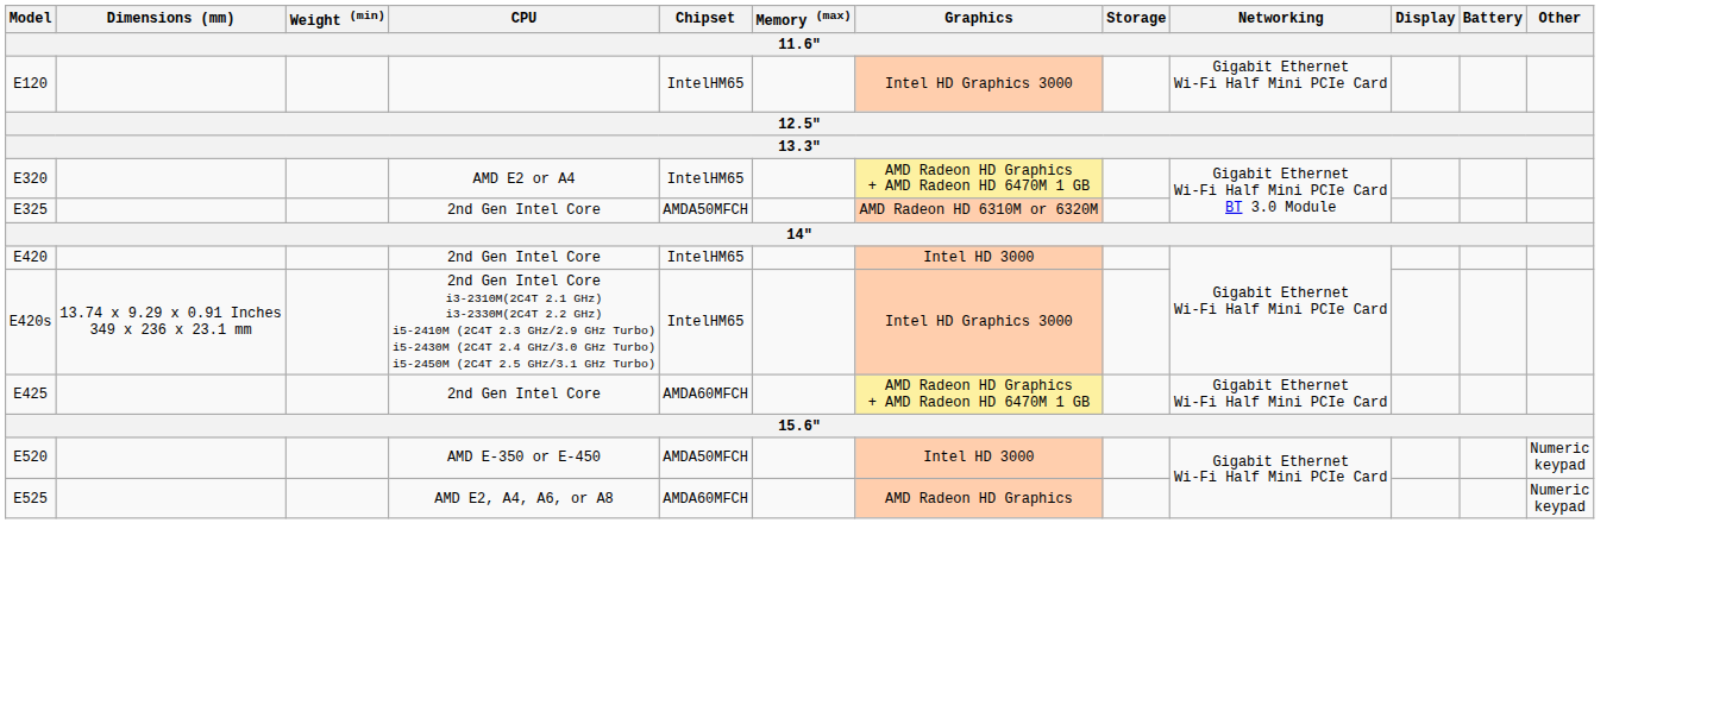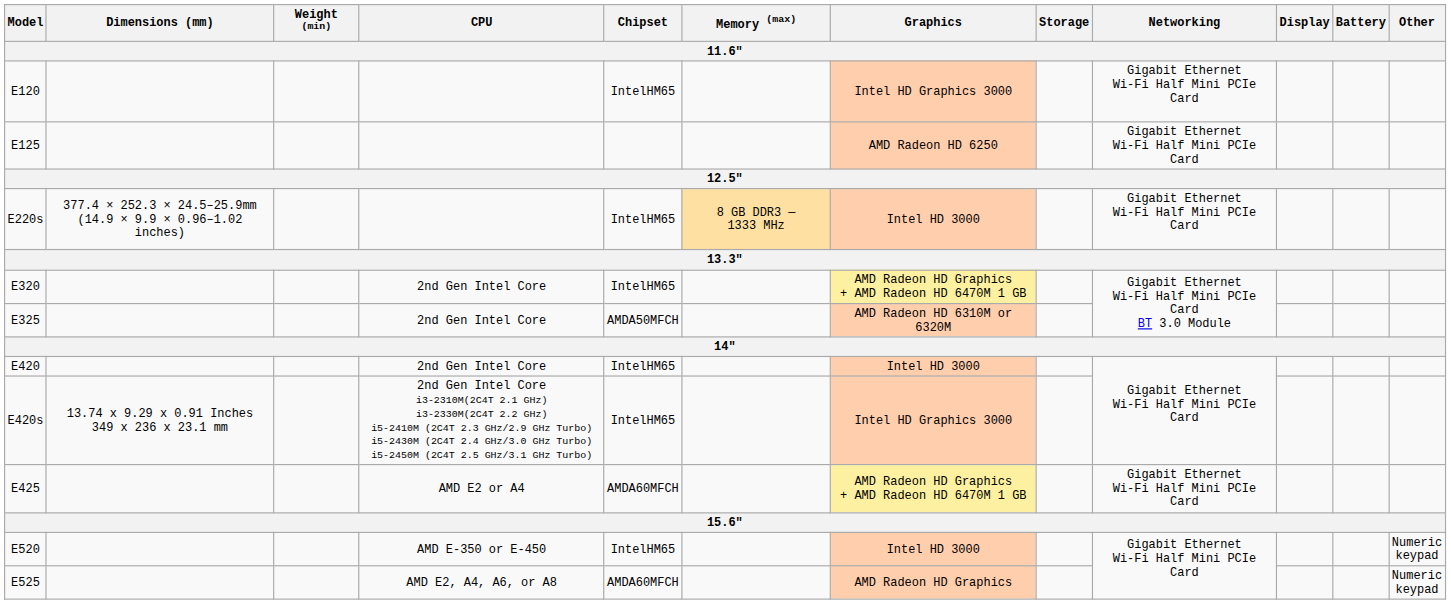 <table class="wikitable" style="font-size: 80%; text-align: center; min-width: 80%;">
 <tr>
 <th>Model</th>
 <th>Dimensions (mm)</th>
 <th>Weight <sup>(min)</sup></th>
 <th style="width:17%">CPU</th>
 <th>Chipset</th>
 <th>Memory <sup>(max)</sup></th>
 <th>Graphics</th>
 <th>Storage</th>
 <th>Networking</th>
 <th>Display</th>
 <th>Battery</th>
 <th>Other</th>
 </tr>
 <tr>
 <th colspan="12">11.6"</th>
 </tr>
 <tr>
 <td>E120</td>
 <td></td>
 <td></td>
 <td></td>
 <td>IntelHM65</td>
 <td></td>
 <td style="background:#ffcead;">Intel HD Graphics 3000</td>
 <td></td>
 <td>Gigabit Ethernet<br>Wi-Fi Half Mini PCIe Card<br><small><br></small></td>
 <td></td>
 <td></td>
 <td></td>
 </tr>
 <tr>
+<td>E125</td>
+<td></td>
+<td></td>
+<td></td>
+<td></td>
+<td></td>
+<td style="background:#ffcead;">AMD Radeon HD 6250</td>
+<td></td>
+<td>Gigabit Ethernet<br>Wi-Fi Half Mini PCIe Card<br><small></small></td>
+<td></td>
+<td></td>
+<td></td>
+</tr>
+<tr>
 <th colspan="12">12.5"</th>
+</tr>
+<tr>
+<td>E220s </td>
+<td>377.4 × 252.3 × 24.5–25.9mm<br> (14.9 × 9.9 × 0.96–1.02 inches)</td>
+<td></td>
+<td></td>
+<td>IntelHM65</td>
+<td style="background:#fee0a3;">8 GB DDR3 — 1333 MHz<br></td>
+<td style="background:#ffcead;">Intel HD 3000</td>
+<td></td>
+<td>Gigabit Ethernet<br>Wi-Fi Half Mini PCIe Card<br><small><br></small></td>
+<td></td>
+<td></td>
+<td></td>
 </tr>
 <tr>
 <th colspan="12">13.3"</th>
 </tr>
 <tr>
 <td>E320</td>
 <td></td>
 <td></td>
-<td style="background:">AMD E2 or A4</td>
+<td style="background:">2nd Gen Intel Core</td>
 <td>IntelHM65</td>
 <td></td>
 <td style="background:#fdf1a1;">AMD Radeon HD Graphics<br>+ AMD Radeon HD 6470M 1 GB</td>
 <td></td>
 <td rowspan="2">Gigabit Ethernet<br>Wi-Fi Half Mini PCIe Card<br><a href='#'>BT</a> 3.0 Module<br><small></small></td>
 <td></td>
 <td></td>
 <td></td>
 </tr>
 <tr>
 <td>E325</td>
 <td></td>
 <td></td>
 <td style="background:">2nd Gen Intel Core</td>
 <td>AMDA50MFCH</td>
 <td></td>
 <td style="background:#ffcead;">AMD Radeon HD 6310M or 6320M</td>
 <td></td>
 <td></td>
 <td></td>
 <td></td>
 </tr>
 <tr>
 <th colspan="12">14"</th>
 </tr>
 <tr>
 <td>E420</td>
 <td></td>
 <td></td>
 <td style="background:">2nd Gen Intel Core</td>
 <td>IntelHM65</td>
 <td></td>
 <td style="background:#ffcead;">Intel HD 3000</td>
 <td></td>
 <td rowspan="2">Gigabit Ethernet<br>Wi-Fi Half Mini PCIe Card<br><small><br></small></td>
 <td></td>
 <td></td>
 <td></td>
 </tr>
 <tr>
 <td>E420s</td>
 <td>13.74 x 9.29 x 0.91 Inches <br> 349 x 236 x 23.1 mm</td>
 <td></td>
 <td style="background:">2nd Gen Intel Core<br><small> i3-2310M(2C4T 2.1 GHz)<br> i3-2330M(2C4T 2.2 GHz)<br> i5-2410M (2C4T 2.3 GHz/2.9 GHz Turbo)<br> i5-2430M (2C4T 2.4 GHz/3.0 GHz Turbo)<br> i5-2450M (2C4T 2.5 GHz/3.1 GHz Turbo)</small></td>
 <td>IntelHM65</td>
 <td></td>
 <td style="background:#ffcead;">Intel HD Graphics 3000</td>
 <td></td>
 <td></td>
 <td></td>
 <td></td>
 </tr>
 <tr>
 <td>E425</td>
 <td></td>
 <td></td>
-<td style="background:">2nd Gen Intel Core</td>
+<td style="background:">AMD E2 or A4</td>
 <td>AMDA60MFCH</td>
 <td></td>
 <td style="background:#fdf1a1;">AMD Radeon HD Graphics<br>+ AMD Radeon HD 6470M 1 GB</td>
 <td></td>
 <td>Gigabit Ethernet<br>Wi-Fi Half Mini PCIe Card<br><small></small></td>
 <td></td>
 <td></td>
 <td></td>
 </tr>
 <tr>
 <th colspan="12">15.6"</th>
 </tr>
 <tr>
 <td>E520</td>
 <td></td>
 <td></td>
 <td style="background:">AMD E-350 or E-450</td>
-<td>AMDA50MFCH</td>
+<td>IntelHM65</td>
 <td></td>
 <td style="background:#ffcead;">Intel HD 3000</td>
 <td></td>
 <td rowspan="2">Gigabit Ethernet<br>Wi-Fi Half Mini PCIe Card<br><small><br></small></td>
 <td></td>
 <td></td>
 <td>Numeric<br>keypad</td>
 </tr>
 <tr>
 <td>E525</td>
 <td></td>
 <td></td>
 <td style="background:">AMD E2, A4, A6, or A8</td>
 <td>AMDA60MFCH</td>
 <td></td>
 <td style="background:#ffcead;">AMD Radeon HD Graphics</td>
 <td></td>
 <td></td>
 <td></td>
 <td>Numeric<br>keypad</td>
 </tr>
 </table>
